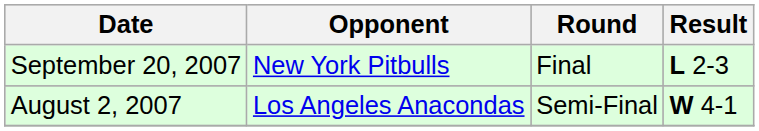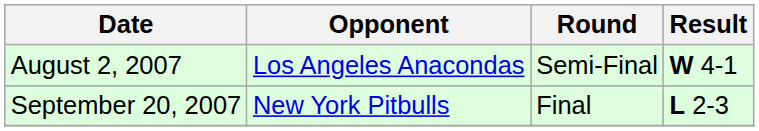 <table class="wikitable">
 <tr>
 <th>Date</th>
 <th>Opponent</th>
 <th>Round</th>
 <th>Result</th>
 </tr>
 <tr style="background: #ddffdd;">
+<td>August 2, 2007</td>
+<td><a href='#'>Los Angeles Anacondas</a></td>
+<td>Semi-Final</td>
+<td><strong>W</strong> 4-1</td>
+</tr>
+<tr style="background: #ddffdd;">
 <td>September 20, 2007</td>
 <td><a href='#'>New York Pitbulls</a></td>
 <td>Final</td>
 <td><strong>L</strong> 2-3</td>
 </tr>
 <tr style="background: #ddffdd;">
-<td>August 2, 2007</td>
-<td><a href='#'>Los Angeles Anacondas</a></td>
-<td>Semi-Final</td>
-<td><strong>W</strong> 4-1</td>
-</tr>
-<tr style="background: #ddffdd;">
 </tr>
 </table>
